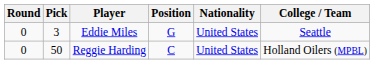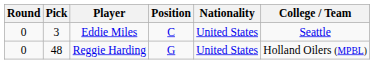 <table class="wikitable sortable sortable">
 <tr>
 <th>Round</th>
 <th>Pick</th>
 <th>Player</th>
 <th>Position</th>
 <th>Nationality</th>
 <th>College / Team</th>
 </tr>
 <tr style="text-align: center">
 <td>0</td>
 <td>3</td>
 <td><a href='#'>Eddie Miles</a></td>
-<td><a href='#'>G</a></td>
+<td><a href='#'>C</a></td>
 <td> <a href='#'>United States</a></td>
 <td><a href='#'>Seattle</a></td>
 </tr>
 <tr style="text-align: center">
 <td>0</td>
-<td>50</td>
+<td>48</td>
 <td><a href='#'>Reggie Harding</a></td>
-<td><a href='#'>C</a></td>
+<td><a href='#'>G</a></td>
 <td> <a href='#'>United States</a></td>
 <td>Holland Oilers <small>(<a href='#'>MPBL</a>)</small></td>
 </tr>
 </table>
